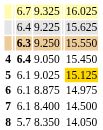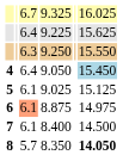 <table>
 <tr style="background:#fffcaf;">
 <td></td>
 <td align=left></td>
 <td>6.7</td>
 <td>9.325</td>
 <td></td>
 <td>16.025</td>
 </tr>
 <tr style="background:#e5e5e5;">
 <td></td>
 <td align=left></td>
 <td>6.4</td>
 <td>9.225</td>
 <td></td>
 <td>15.625</td>
 </tr>
 <tr style="background:#ec9;">
 <td></td>
 <td align=left></td>
-<td><strong>6.3</strong></td>
+<td>6.3</td>
 <td>9.250</td>
 <td></td>
 <td>15.550</td>
 </tr>
 <tr>
 <th><strong>4</strong></th>
 <td align=left></td>
-<td><strong>6.4</strong></td>
+<td>6.4</td>
 <td>9.050</td>
 <td></td>
-<td>15.450</td>
+<td style="background: lightblue;">15.450</td>
 </tr>
 <tr>
 <th><strong>5</strong></th>
 <td align=left></td>
 <td>6.1</td>
 <td>9.025</td>
 <td></td>
-<td style="background: gold;">15.125</td>
+<td>15.125</td>
 </tr>
 <tr>
 <th><strong>6</strong></th>
 <td align=left></td>
-<td>6.1</td>
+<td style="background: lightsalmon;">6.1</td>
 <td>8.875</td>
 <td></td>
 <td>14.975</td>
 </tr>
 <tr>
 <th><strong>7</strong></th>
 <td align=left></td>
 <td>6.1</td>
 <td>8.400</td>
 <td></td>
 <td>14.500</td>
 </tr>
 <tr>
 <th><strong>8</strong></th>
 <td align=left></td>
 <td>5.7</td>
 <td>8.350</td>
 <td></td>
-<td>14.050</td>
+<td><strong>14.050</strong></td>
 </tr>
 </table>
